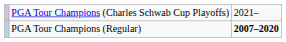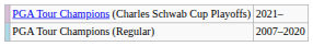 <table class="wikitable" style="font-size:95%">
 <tr>
 <td style="background:thistle"></td>
 <td><a href='#'>PGA Tour Champions</a> (Charles Schwab Cup Playoffs)</td>
 <td>2021–</td>
 </tr>
 <tr>
 <td style="background:lightblue"></td>
 <td>PGA Tour Champions (Regular)</td>
-<td><strong>2007–2020</strong></td>
+<td>2007–2020</td>
 </tr>
 </table>
